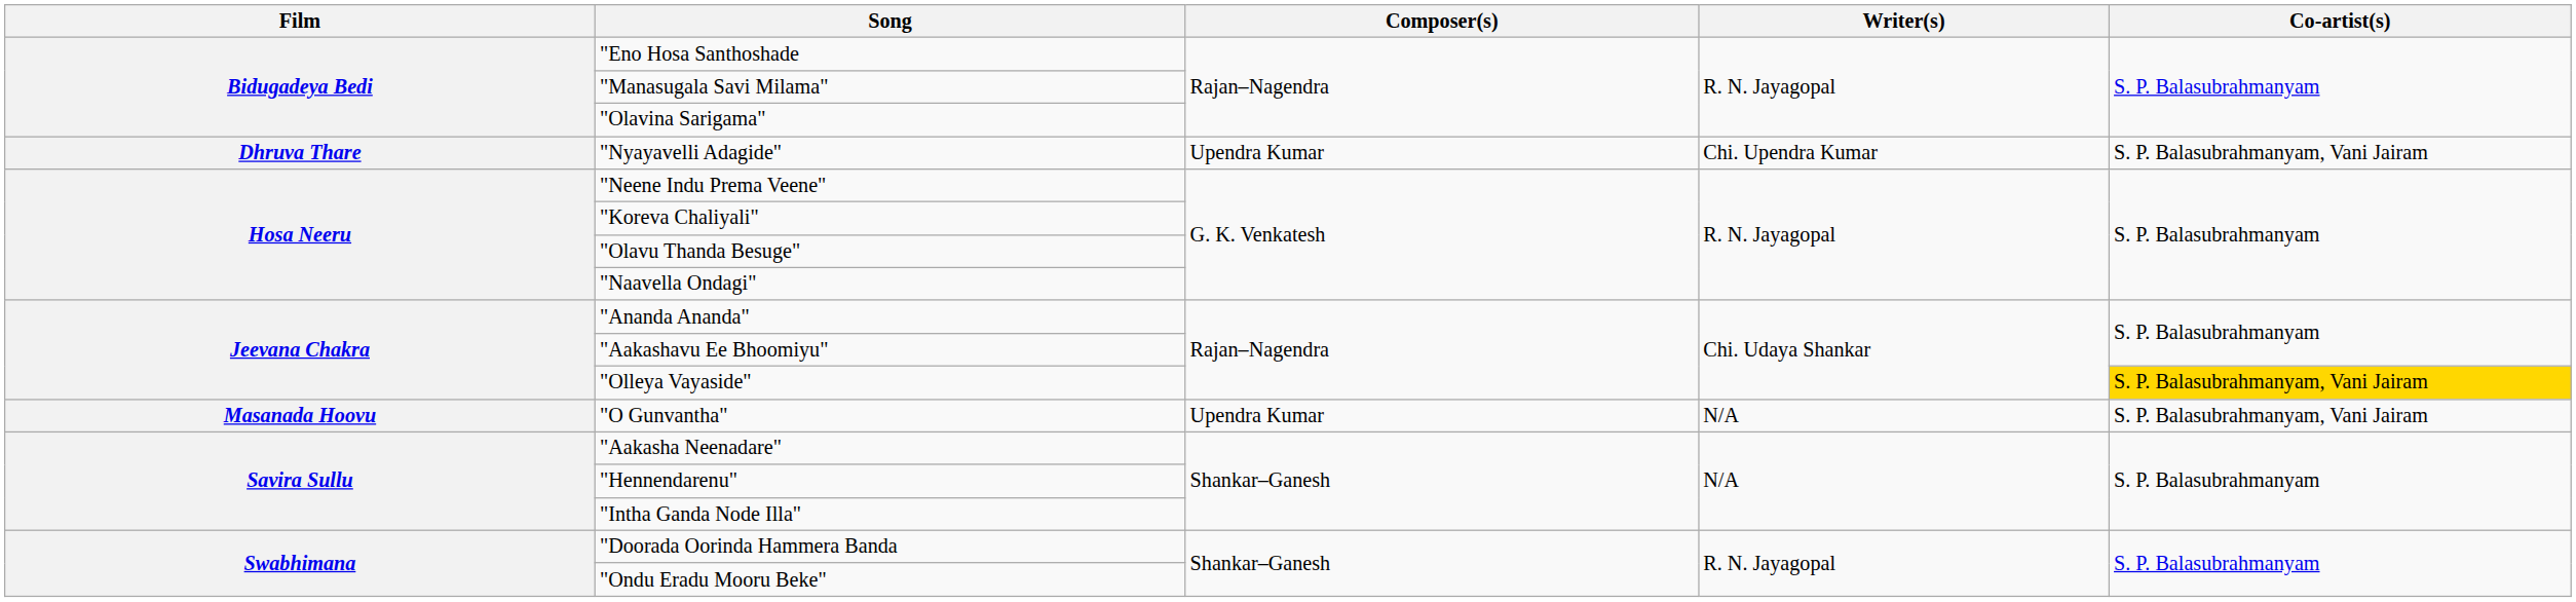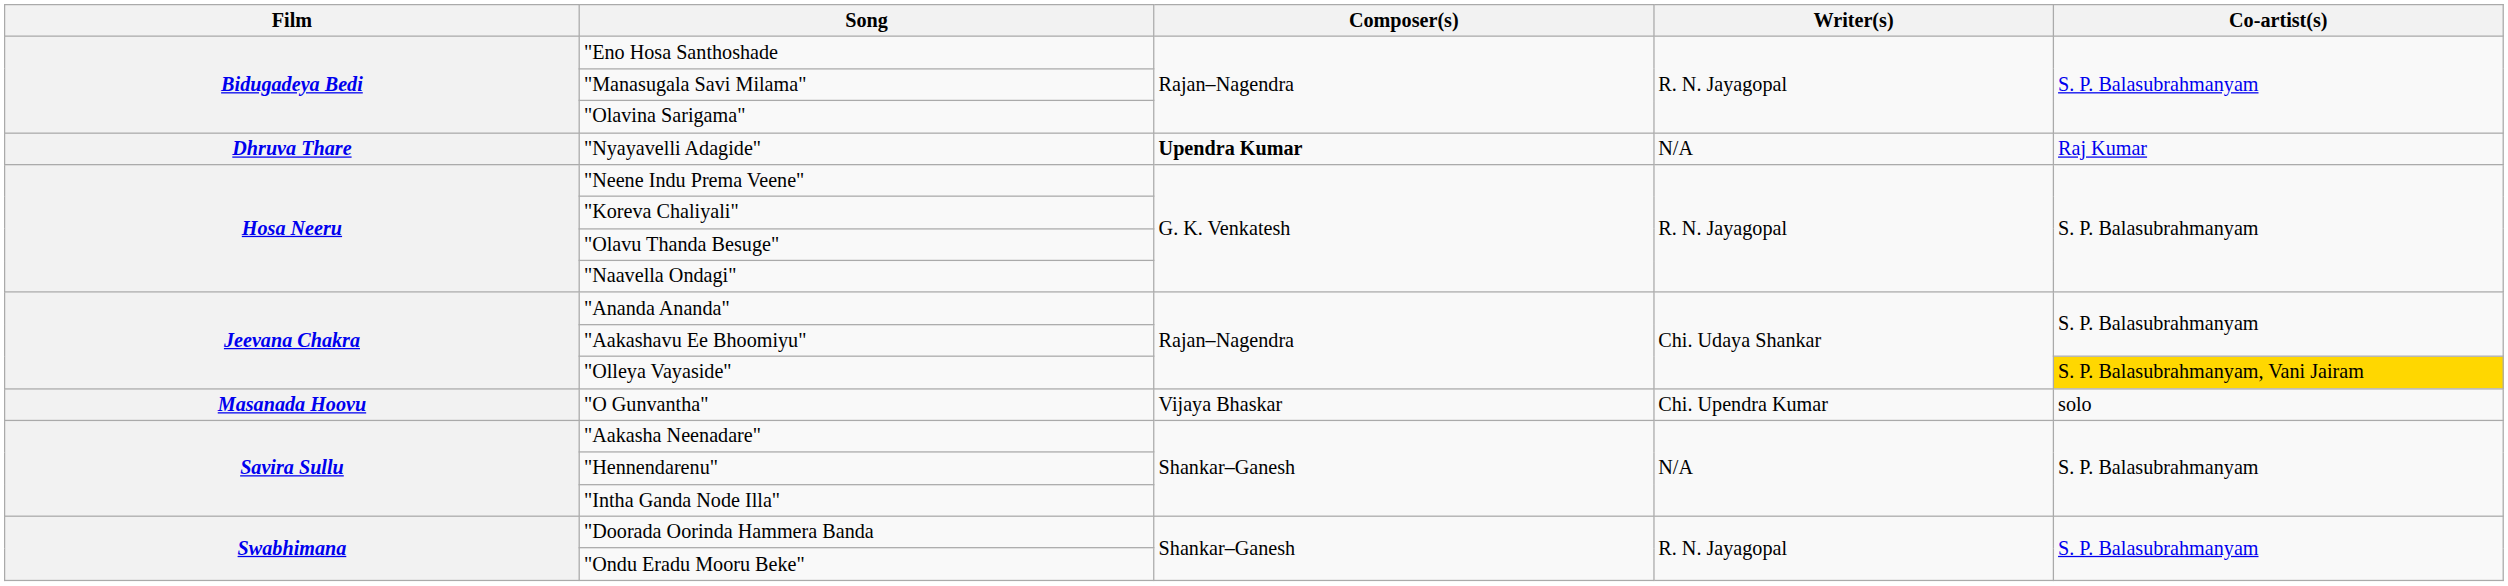 <table class="wikitable plainrowheaders" width="100%" textcolor:#000;">
 <tr style="background:#b0e0e66;">
 <th scope="col" width=23%><strong>Film</strong></th>
 <th scope="col" width=23%><strong>Song</strong></th>
 <th scope="col" width=20%><strong>Composer(s)</strong></th>
 <th scope="col" width=16%><strong>Writer(s)</strong></th>
 <th scope="col" width=18%><strong>Co-artist(s)</strong></th>
 </tr>
 <tr>
 <th Rowspan=3><em><a href='#'>Bidugadeya Bedi</a></em></th>
 <td>"Eno Hosa Santhoshade</td>
 <td rowspan=3>Rajan–Nagendra</td>
 <td rowspan=3>R. N. Jayagopal</td>
 <td rowspan=3><a href='#'>S. P. Balasubrahmanyam</a></td>
 </tr>
 <tr>
 <td>"Manasugala Savi Milama"</td>
 </tr>
 <tr>
 <td>"Olavina Sarigama"</td>
 </tr>
 <tr>
 <th><em><a href='#'>Dhruva Thare</a></em></th>
 <td>"Nyayavelli Adagide"</td>
-<td>Upendra Kumar</td>
-<td>Chi. Upendra Kumar</td>
-<td>S. P. Balasubrahmanyam, Vani Jairam</td>
+<td><strong>Upendra Kumar</strong></td>
+<td>N/A</td>
+<td><a href='#'>Raj Kumar</a></td>
 </tr>
 <tr>
 <th Rowspan=4><em><a href='#'>Hosa Neeru</a></em></th>
 <td>"Neene Indu Prema Veene"</td>
 <td rowspan=4>G. K. Venkatesh</td>
 <td Rowspan=4>R. N. Jayagopal</td>
 <td rowspan=4>S. P. Balasubrahmanyam</td>
 </tr>
 <tr>
 <td>"Koreva Chaliyali"</td>
 </tr>
 <tr>
 <td>"Olavu Thanda Besuge"</td>
 </tr>
 <tr>
 <td>"Naavella Ondagi"</td>
 </tr>
 <tr>
 <th Rowspan=3><em><a href='#'>Jeevana Chakra</a></em></th>
 <td>"Ananda Ananda"</td>
 <td rowspan=3>Rajan–Nagendra</td>
 <td Rowspan=3>Chi. Udaya Shankar</td>
 <td Rowspan=2>S. P. Balasubrahmanyam</td>
 </tr>
 <tr>
 <td>"Aakashavu Ee Bhoomiyu"</td>
 </tr>
 <tr>
 <td>"Olleya Vayaside"</td>
 <td style="background: gold;">S. P. Balasubrahmanyam, Vani Jairam</td>
 </tr>
 <tr>
 <th><em><a href='#'>Masanada Hoovu</a></em></th>
 <td>"O Gunvantha"</td>
-<td>Upendra Kumar</td>
-<td>N/A</td>
-<td>S. P. Balasubrahmanyam, Vani Jairam</td>
+<td>Vijaya Bhaskar</td>
+<td>Chi. Upendra Kumar</td>
+<td>solo</td>
 </tr>
 <tr>
 <th Rowspan=3><em><a href='#'>Savira Sullu</a></em></th>
 <td>"Aakasha Neenadare"</td>
 <td rowspan=3>Shankar–Ganesh</td>
 <td Rowspan=3>N/A</td>
 <td rowspan=3>S. P. Balasubrahmanyam</td>
 </tr>
 <tr>
 <td>"Hennendarenu"</td>
 </tr>
 <tr>
 <td>"Intha Ganda Node Illa"</td>
 </tr>
 <tr>
 <th Rowspan=2><em><a href='#'>Swabhimana</a></em></th>
 <td>"Doorada Oorinda Hammera Banda</td>
 <td rowspan=2>Shankar–Ganesh</td>
 <td Rowspan=2>R. N. Jayagopal</td>
 <td rowspan=2><a href='#'>S. P. Balasubrahmanyam</a></td>
 </tr>
 <tr>
 <td>"Ondu Eradu Mooru Beke"</td>
 </tr>
 </table>
